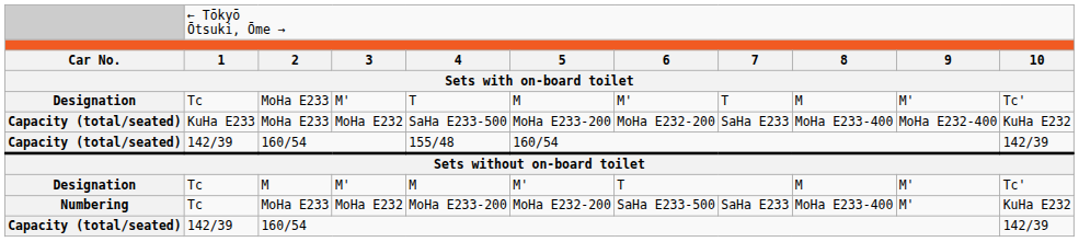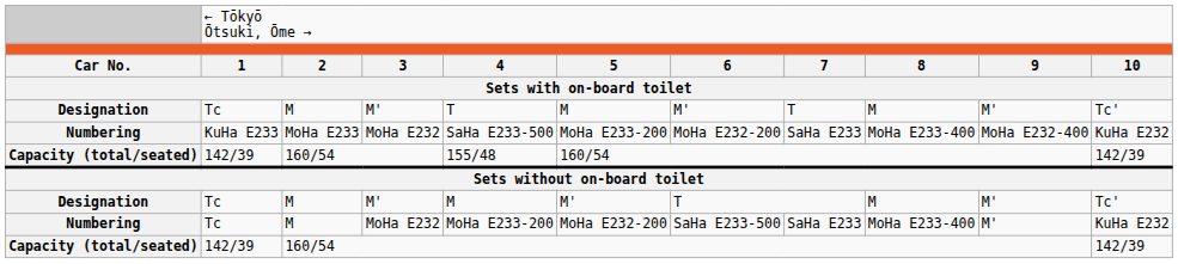 <table class="wikitable">
 <tr>
 <td style="background-color:#ccc;"> </td>
 <td colspan="10"><div>← Tōkyō</div><div>Ōtsuki, Ōme →</div></td>
 </tr>
 <tr style="line-height: 10px; background-color: #F15A22;">
 <td colspan="11" style="padding:0; border:0;"> </td>
 </tr>
 <tr>
 <th>Car No.</th>
 <th>1</th>
 <th>2</th>
 <th>3</th>
 <th>4</th>
 <th>5</th>
 <th>6</th>
 <th>7</th>
 <th>8</th>
 <th>9</th>
 <th>10</th>
 </tr>
 <tr>
 <th colspan="11">Sets with on-board toilet</th>
 </tr>
 <tr>
 <th>Designation</th>
 <td>Tc</td>
-<td>MoHa E233</td>
+<td>M</td>
 <td>M'</td>
 <td>T</td>
 <td>M</td>
 <td>M'</td>
 <td>T</td>
 <td>M</td>
 <td>M'</td>
 <td>Tc'</td>
 </tr>
 <tr>
-<th>Capacity (total/seated)</th>
+<th>Numbering</th>
 <td>KuHa E233</td>
 <td>MoHa E233</td>
 <td>MoHa E232</td>
 <td>SaHa E233-500</td>
 <td>MoHa E233-200</td>
 <td>MoHa E232-200</td>
 <td>SaHa E233</td>
 <td>MoHa E233-400</td>
 <td>MoHa E232-400</td>
 <td>KuHa E232</td>
 </tr>
 <tr>
 <th>Capacity (total/seated)</th>
 <td>142/39</td>
 <td colspan="2">160/54</td>
 <td>155/48</td>
 <td colspan="5">160/54</td>
 <td>142/39</td>
 </tr>
 <tr>
 <th colspan="11" style="border-top: 3px solid black;">Sets without on-board toilet</th>
 </tr>
 <tr>
 <th>Designation</th>
 <td>Tc</td>
 <td>M</td>
 <td>M'</td>
 <td>M</td>
 <td>M'</td>
 <td colspan="2">T</td>
 <td>M</td>
 <td>M'</td>
 <td>Tc'</td>
 </tr>
 <tr>
 <th>Numbering</th>
 <td>Tc</td>
-<td>MoHa E233</td>
+<td>M</td>
 <td>MoHa E232</td>
 <td>MoHa E233-200</td>
 <td>MoHa E232-200</td>
 <td>SaHa E233-500</td>
 <td>SaHa E233</td>
 <td>MoHa E233-400</td>
 <td>M'</td>
 <td>KuHa E232</td>
 </tr>
 <tr>
 <th>Capacity (total/seated)</th>
 <td>142/39</td>
 <td colspan="8">160/54</td>
 <td>142/39</td>
 </tr>
 </table>
